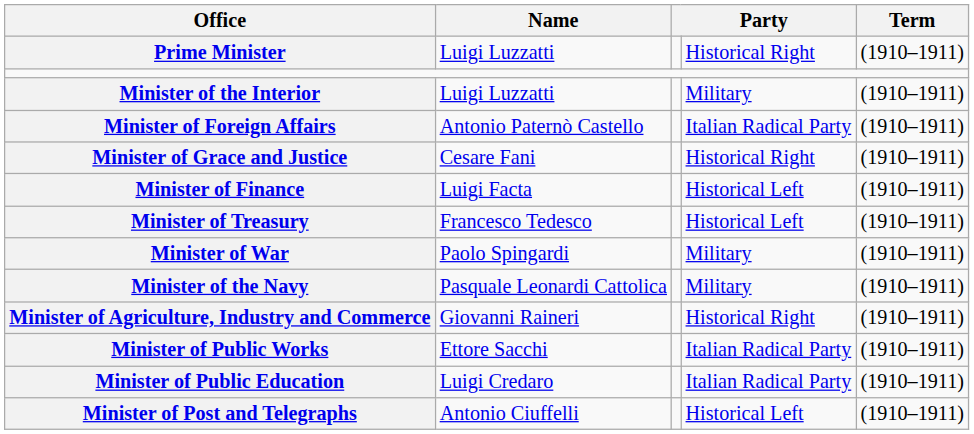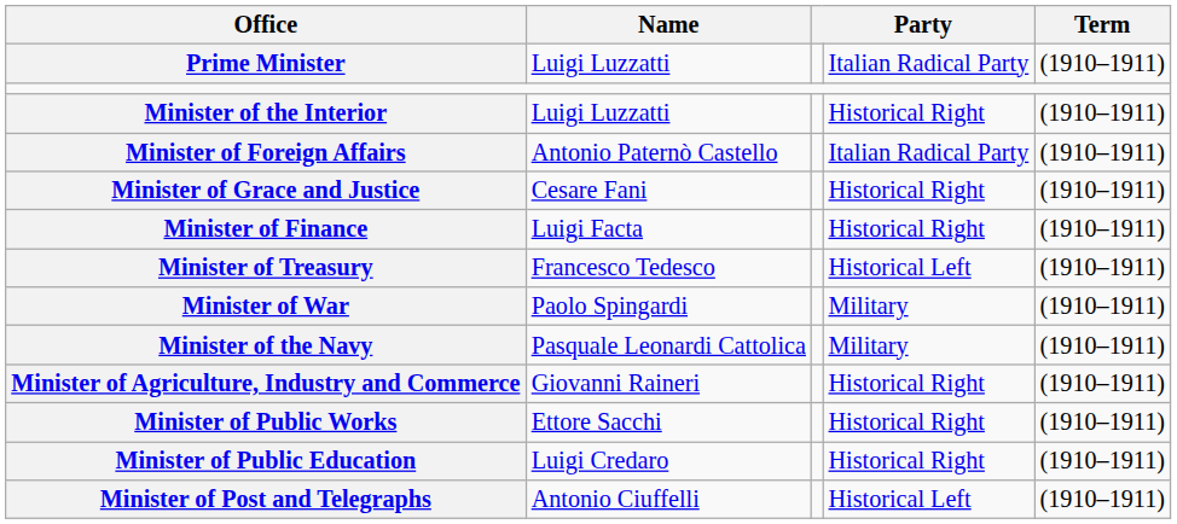 <table class="wikitable" style="font-size: 100%;">
 <tr>
 <th>Office</th>
 <th>Name</th>
 <th colspan=2>Party</th>
 <th>Term</th>
 </tr>
 <tr>
 <th><a href='#'>Prime Minister</a></th>
 <td><a href='#'>Luigi Luzzatti</a></td>
 <td style="color:inherit;background:"></td>
-<td><a href='#'>Historical Right</a></td>
+<td><a href='#'>Italian Radical Party</a></td>
 <td>(1910–1911)</td>
 </tr>
 <tr>
 <td colspan=6></td>
 </tr>
 <tr>
 <th><a href='#'>Minister of the Interior</a></th>
 <td><a href='#'>Luigi Luzzatti</a></td>
 <td style="color:inherit;background:"></td>
-<td><a href='#'>Military</a></td>
+<td><a href='#'>Historical Right</a></td>
 <td>(1910–1911)</td>
 </tr>
 <tr>
 <th><a href='#'>Minister of Foreign Affairs</a></th>
 <td><a href='#'>Antonio Paternò Castello</a></td>
 <td style="color:inherit;background:"></td>
 <td><a href='#'>Italian Radical Party</a></td>
 <td>(1910–1911)</td>
 </tr>
 <tr>
 <th><a href='#'>Minister of Grace and Justice</a></th>
 <td><a href='#'>Cesare Fani</a></td>
 <td style="color:inherit;background:"></td>
 <td><a href='#'>Historical Right</a></td>
 <td>(1910–1911)</td>
 </tr>
 <tr>
 <th><a href='#'>Minister of Finance</a></th>
 <td><a href='#'>Luigi Facta</a></td>
 <td style="color:inherit;background:"></td>
-<td><a href='#'>Historical Left</a></td>
+<td><a href='#'>Historical Right</a></td>
 <td>(1910–1911)</td>
 </tr>
 <tr>
 <th><a href='#'>Minister of Treasury</a></th>
 <td><a href='#'>Francesco Tedesco</a></td>
 <td style="color:inherit;background:"></td>
 <td><a href='#'>Historical Left</a></td>
 <td>(1910–1911)</td>
 </tr>
 <tr>
 <th><a href='#'>Minister of War</a></th>
 <td><a href='#'>Paolo Spingardi</a></td>
 <td style="color:inherit;background:"></td>
 <td><a href='#'>Military</a></td>
 <td>(1910–1911)</td>
 </tr>
 <tr>
 <th><a href='#'>Minister of the Navy</a></th>
 <td><a href='#'>Pasquale Leonardi Cattolica</a></td>
 <td style="color:inherit;background:"></td>
 <td><a href='#'>Military</a></td>
 <td>(1910–1911)</td>
 </tr>
 <tr>
 <th><a href='#'>Minister of Agriculture, Industry and Commerce</a></th>
 <td><a href='#'>Giovanni Raineri</a></td>
 <td style="color:inherit;background:"></td>
 <td><a href='#'>Historical Right</a></td>
 <td>(1910–1911)</td>
 </tr>
 <tr>
 <th><a href='#'>Minister of Public Works</a></th>
 <td><a href='#'>Ettore Sacchi</a></td>
 <td style="color:inherit;background:"></td>
-<td><a href='#'>Italian Radical Party</a></td>
+<td><a href='#'>Historical Right</a></td>
 <td>(1910–1911)</td>
 </tr>
 <tr>
 <th><a href='#'>Minister of Public Education</a></th>
 <td><a href='#'>Luigi Credaro</a></td>
 <td style="color:inherit;background:"></td>
-<td><a href='#'>Italian Radical Party</a></td>
+<td><a href='#'>Historical Right</a></td>
 <td>(1910–1911)</td>
 </tr>
 <tr>
 <th><a href='#'>Minister of Post and Telegraphs</a></th>
 <td><a href='#'>Antonio Ciuffelli</a></td>
 <td style="color:inherit;background:"></td>
 <td><a href='#'>Historical Left</a></td>
 <td>(1910–1911)</td>
 </tr>
 </table>
